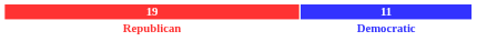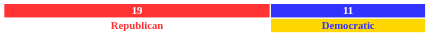 <table style="width:50%">
 <tr>
 <td scope="row" colspan="3" style="text-align:center"></td>
 </tr>
 <tr>
 <td scope="row" style="background:#F33; width:63.3%; text-align:center; color:white"><strong>19</strong></td>
 <td style="background:#33F; width:36.7%; text-align:center; color:white"><strong>11</strong></td>
 </tr>
 <tr>
 <td scope="row" style="text-align:center; color:#F33"><strong>Republican</strong></td>
-<td style="text-align:center; color:#33F"><strong>Democratic</strong></td>
+<td style="background: gold; text-align:center; color:#33F"><strong>Democratic</strong></td>
 </tr>
 </table>
